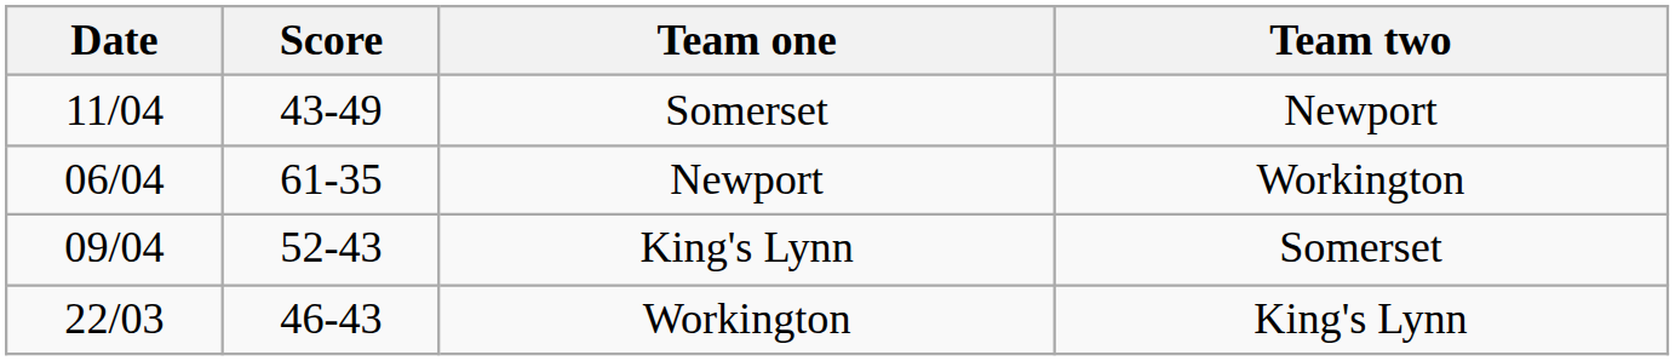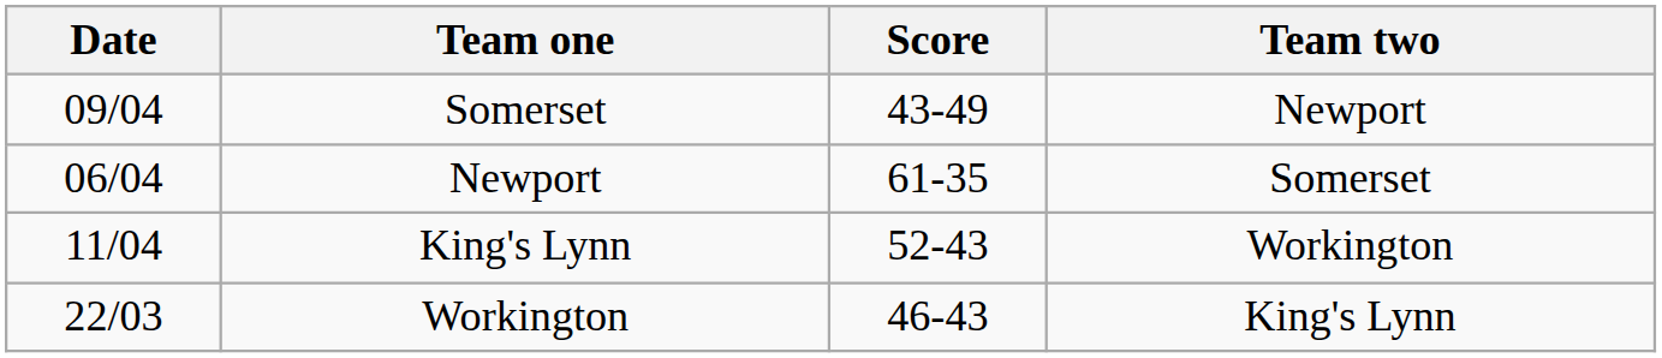 <table class="wikitable" style="text-align: center">
 <tr>
 <th width=80>Date</th>
+<th width=250>Team one</th>
 <th width=80>Score</th>
-<th width=250>Team one</th>
 <th width=250>Team two</th>
 </tr>
 <tr>
-<td>11/04</td>
+<td>09/04</td>
+<td>Somerset</td>
 <td>43-49</td>
-<td>Somerset</td>
 <td>Newport</td>
 </tr>
 <tr>
 <td>06/04</td>
+<td>Newport</td>
 <td>61-35</td>
-<td>Newport</td>
+<td>Somerset</td>
+</tr>
+<tr>
+<td>11/04</td>
+<td>King's Lynn</td>
+<td>52-43</td>
 <td>Workington</td>
 </tr>
 <tr>
-<td>09/04</td>
-<td>52-43</td>
-<td>King's Lynn</td>
-<td>Somerset</td>
-</tr>
-<tr>
 <td>22/03</td>
+<td>Workington</td>
 <td>46-43</td>
-<td>Workington</td>
 <td>King's Lynn</td>
 </tr>
 </table>
